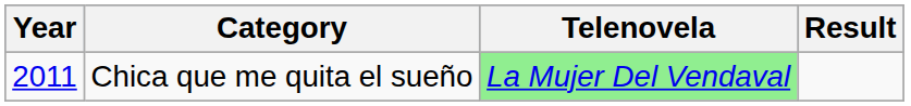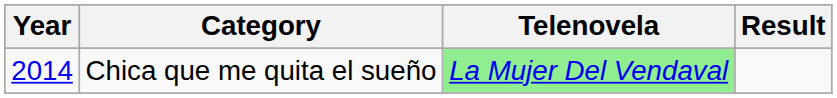 <table class="wikitable">
 <tr style="background:#b0c4de;">
 <th>Year</th>
 <th>Category</th>
 <th>Telenovela</th>
 <th>Result</th>
 </tr>
 <tr>
-<td><a href='#'>2011</a></td>
+<td><a href='#'>2014</a></td>
 <td>Chica que me quita el sueño</td>
 <td style="background: lightgreen;"><em><a href='#'>La Mujer Del Vendaval</a></em></td>
 <td></td>
 </tr>
 </table>
